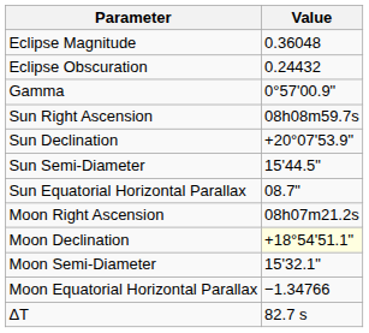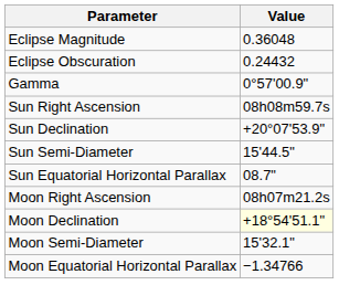 <table class="wikitable">
 <tr>
 <th>Parameter</th>
 <th>Value</th>
 </tr>
 <tr>
 <td>Eclipse Magnitude</td>
 <td>0.36048</td>
 </tr>
 <tr>
 <td>Eclipse Obscuration</td>
 <td>0.24432</td>
 </tr>
 <tr>
 <td>Gamma</td>
 <td>0°57'00.9"</td>
 </tr>
 <tr>
 <td>Sun Right Ascension</td>
 <td>08h08m59.7s</td>
 </tr>
 <tr>
 <td>Sun Declination</td>
 <td>+20°07'53.9"</td>
 </tr>
 <tr>
 <td>Sun Semi-Diameter</td>
 <td>15'44.5"</td>
 </tr>
 <tr>
 <td>Sun Equatorial Horizontal Parallax</td>
 <td>08.7"</td>
 </tr>
 <tr>
 <td>Moon Right Ascension</td>
 <td>08h07m21.2s</td>
 </tr>
 <tr>
 <td>Moon Declination</td>
 <td style="background: lightyellow;">+18°54'51.1"</td>
 </tr>
 <tr>
 <td>Moon Semi-Diameter</td>
 <td>15'32.1"</td>
 </tr>
 <tr>
 <td>Moon Equatorial Horizontal Parallax</td>
 <td>−1.34766</td>
 </tr>
-<tr>
-<td>ΔT</td>
-<td>82.7 s</td>
-</tr>
 </table>
